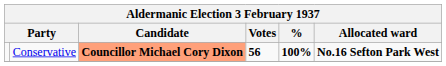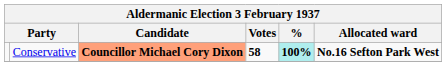 <table class="wikitable">
 <tr>
 <th colspan="6"><strong>Aldermanic Election 3 February 1937</strong></th>
 </tr>
 <tr>
 <th colspan="2">Party</th>
 <th>Candidate</th>
 <th>Votes</th>
 <th>%</th>
 <th>Allocated ward</th>
 </tr>
 <tr>
 <td style="background-color:"></td>
 <td><a href='#'>Conservative</a></td>
 <td style="background: lightsalmon;"><strong>Councillor Michael Cory Dixon</strong></td>
-<td><strong>56</strong></td>
-<td><strong>100%</strong></td>
+<td><strong>58</strong></td>
+<td style="background: paleturquoise;"><strong>100%</strong></td>
 <td><strong>No.16 Sefton Park West</strong></td>
 </tr>
 <tr>
 </tr>
 </table>
